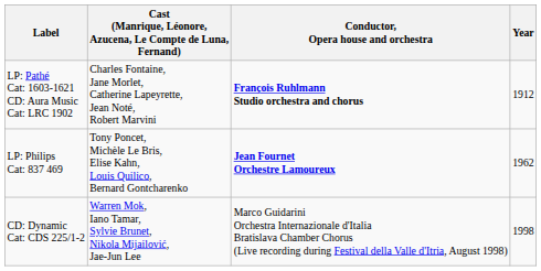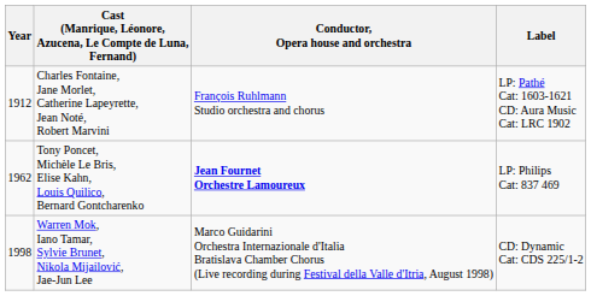 <table class="wikitable" style="font-size:95%;">
 <tr>
-<th>Label</th>
+<th>Year</th>
 <th Width="">Cast<br>(Manrique, Léonore,<br>Azucena, Le Compte de Luna,<br>Fernand)</th>
 <th>Conductor,<br>Opera house and orchestra</th>
-<th>Year</th>
+<th>Label</th>
 </tr>
 <tr>
+<td>1912</td>
+<td>Charles Fontaine,<br>Jane Morlet,<br>Catherine Lapeyrette,<br>Jean Noté,<br>Robert Marvini</td>
+<td><a href='#'>François Ruhlmann</a><br>Studio orchestra and chorus</td>
 <td>LP: <a href='#'>Pathé</a><br>Cat: 1603-1621<br>CD: Aura Music<br>Cat: LRC 1902</td>
-<td>Charles Fontaine,<br>Jane Morlet,<br>Catherine Lapeyrette,<br>Jean Noté,<br>Robert Marvini</td>
-<td><strong><a href='#'>François Ruhlmann</a><br>Studio orchestra and chorus</strong></td>
-<td>1912</td>
 </tr>
 <tr>
-<td>LP: Philips<br>Cat: 837 469</td>
+<td>1962</td>
 <td>Tony Poncet,<br>Michèle Le Bris,<br>Elise Kahn,<br><a href='#'>Louis Quilico</a>,<br>Bernard Gontcharenko</td>
 <td><strong><a href='#'>Jean Fournet</a><br><a href='#'>Orchestre Lamoureux</a></strong></td>
-<td>1962</td>
+<td>LP: Philips<br>Cat: 837 469</td>
 </tr>
 <tr>
-<td>CD: Dynamic<br>Cat: CDS 225/1-2</td>
+<td>1998</td>
 <td><a href='#'>Warren Mok</a>,<br>Iano Tamar,<br><a href='#'>Sylvie Brunet</a>,<br><a href='#'>Nikola Mijailović</a>,<br>Jae-Jun Lee</td>
 <td>Marco Guidarini<br>Orchestra Internazionale d'Italia<br>Bratislava Chamber Chorus<br>(Live recording during <a href='#'>Festival della Valle d'Itria</a>, August 1998)</td>
-<td>1998</td>
+<td>CD: Dynamic<br>Cat: CDS 225/1-2</td>
 </tr>
 </table>
